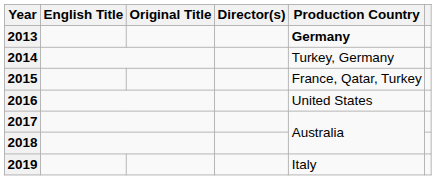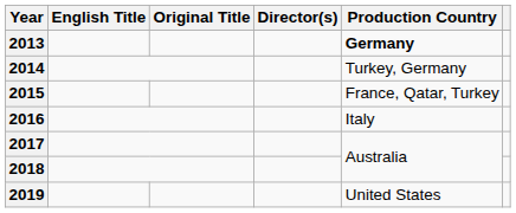 <table class="wikitable plainrowheaders">
 <tr>
 <th scope="col">Year</th>
 <th scope="col">English Title</th>
 <th scope="col">Original Title</th>
 <th scope="col">Director(s)</th>
 <th scope="col">Production Country</th>
 <th scope="col" class="unsortable"></th>
 </tr>
 <tr>
 <th style="text-align:center;">2013 <br></th>
 <td></td>
 <td></td>
 <td></td>
 <td><strong>Germany</strong></td>
 <td style="text-align:center;"></td>
 </tr>
 <tr>
 <th style="text-align:center;">2014 <br></th>
 <td colspan="2"></td>
 <td></td>
 <td>Turkey, Germany</td>
 <td style="text-align:center;"></td>
 </tr>
 <tr>
 <th style="text-align:center;">2015 <br></th>
 <td></td>
 <td></td>
 <td></td>
 <td>France, Qatar, Turkey</td>
 <td style="text-align:center;"></td>
 </tr>
 <tr>
 <th style="text-align:center;">2016 <br></th>
 <td colspan="2"></td>
 <td></td>
-<td>United States</td>
+<td>Italy</td>
 <td style="text-align:center;"></td>
 </tr>
 <tr>
 <th style="text-align:center;">2017 <br></th>
 <td colspan="2"></td>
 <td></td>
 <td rowspan="2">Australia</td>
 <td style="text-align:center;"></td>
 </tr>
 <tr>
 <th style="text-align:center;">2018 <br></th>
 <td colspan="2"></td>
 <td></td>
 <td style="text-align:center;"></td>
 </tr>
 <tr>
 <th style="text-align:center;">2019 <br></th>
 <td></td>
 <td></td>
 <td></td>
-<td>Italy</td>
+<td>United States</td>
 <td style="text-align:center;"></td>
 </tr>
 </table>
